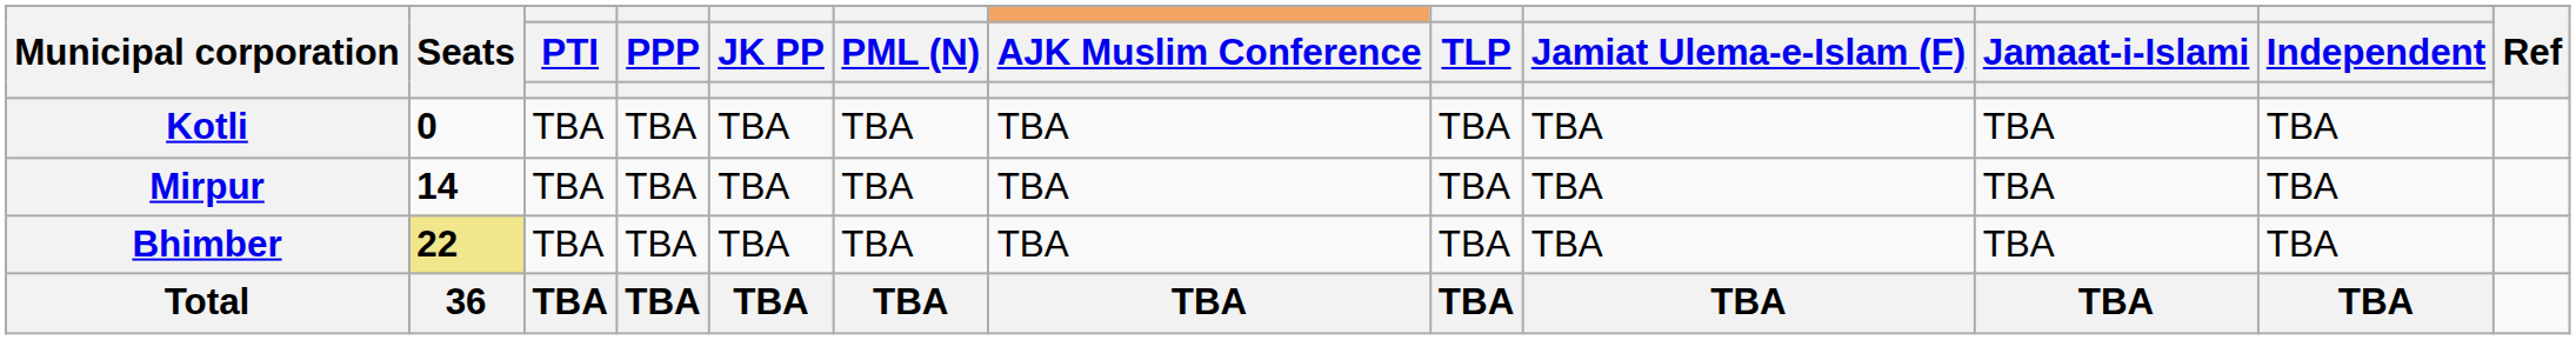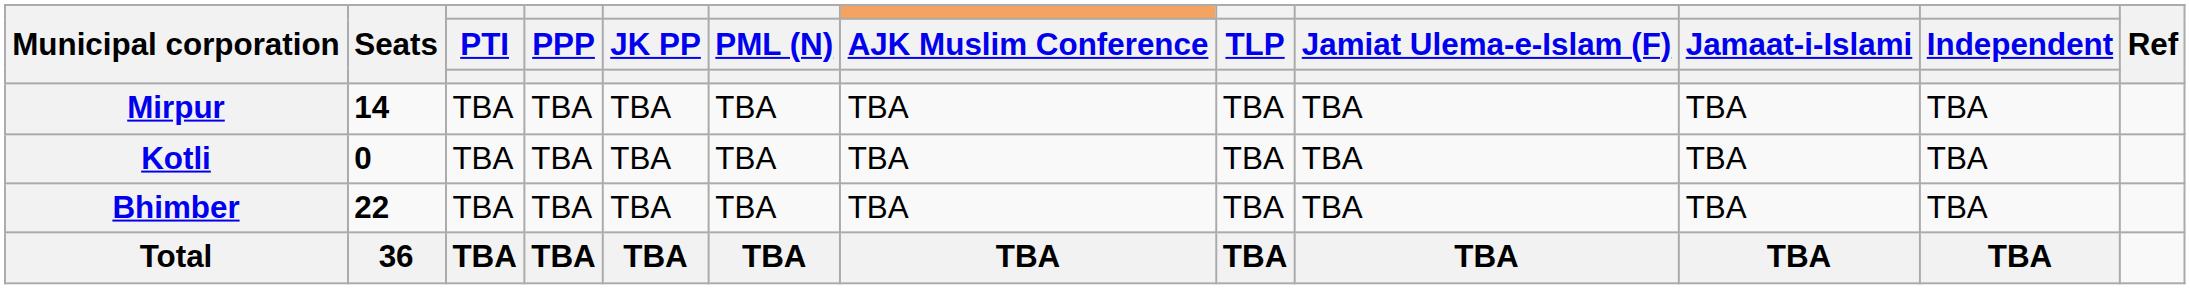 <table class="wikitable">
 <tr>
 <th rowspan="3">Municipal corporation</th>
 <th rowspan="3">Seats</th>
 <th style="background-color: "></th>
 <th style="background-color: "></th>
 <th style="background-color: "></th>
 <th style="background-color: "></th>
 <td bgcolor="#f4a460"></td>
 <th style="background-color: "></th>
 <th style="background-color: "></th>
 <th style="background-color: "></th>
 <th style="background-color: "></th>
 <th rowspan="3">Ref</th>
 </tr>
 <tr>
 <th><a href='#'>PTI</a></th>
 <th><a href='#'>PPP</a></th>
 <th><a href='#'>JK PP</a></th>
 <th><a href='#'>PML (N)</a></th>
 <th><a href='#'>AJK Muslim Conference</a></th>
 <th><a href='#'>TLP</a></th>
 <th><a href='#'>Jamiat Ulema-e-Islam (F)</a></th>
 <th><a href='#'>Jamaat-i-Islami</a></th>
 <th><a href='#'>Independent</a></th>
 </tr>
 <tr>
 <th></th>
 <th></th>
 <th></th>
 <th></th>
 <th></th>
 <th></th>
 <th></th>
 <th></th>
 <th></th>
 </tr>
 <tr>
+<th><a href='#'>Mirpur</a></th>
+<td><strong>14</strong></td>
+<td>TBA</td>
+<td>TBA</td>
+<td>TBA</td>
+<td>TBA</td>
+<td>TBA</td>
+<td>TBA</td>
+<td>TBA</td>
+<td>TBA</td>
+<td>TBA</td>
+<td></td>
+</tr>
+<tr>
 <th><a href='#'>Kotli</a></th>
 <td><strong>0</strong></td>
 <td>TBA</td>
 <td>TBA</td>
 <td>TBA</td>
 <td>TBA</td>
 <td>TBA</td>
 <td>TBA</td>
 <td>TBA</td>
 <td>TBA</td>
 <td>TBA</td>
 <td></td>
 </tr>
 <tr>
-<th><a href='#'>Mirpur</a></th>
-<td><strong>14</strong></td>
-<td>TBA</td>
-<td>TBA</td>
-<td>TBA</td>
-<td>TBA</td>
-<td>TBA</td>
-<td>TBA</td>
-<td>TBA</td>
-<td>TBA</td>
-<td>TBA</td>
-<td></td>
-</tr>
-<tr>
 <th><a href='#'>Bhimber</a></th>
-<td style="background: khaki;"><strong>22</strong></td>
+<td><strong>22</strong></td>
 <td>TBA</td>
 <td>TBA</td>
 <td>TBA</td>
 <td>TBA</td>
 <td>TBA</td>
 <td>TBA</td>
 <td>TBA</td>
 <td>TBA</td>
 <td>TBA</td>
 <td></td>
 </tr>
 <tr>
 <th><strong>Total</strong></th>
 <th>36</th>
 <th>TBA</th>
 <th>TBA</th>
 <th>TBA</th>
 <th>TBA</th>
 <th>TBA</th>
 <th>TBA</th>
 <th>TBA</th>
 <th>TBA</th>
 <th>TBA</th>
 <td></td>
 </tr>
 </table>
